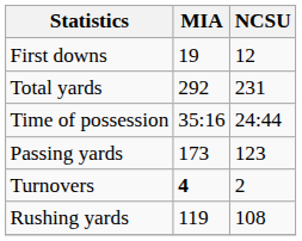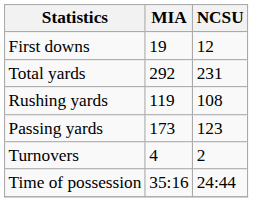 <table class="wikitable">
 <tr>
 <th>Statistics</th>
 <th>MIA</th>
 <th>NCSU</th>
 </tr>
 <tr>
 <td>First downs</td>
 <td>19</td>
 <td>12</td>
 </tr>
 <tr>
 <td>Total yards</td>
 <td>292</td>
 <td>231</td>
 </tr>
 <tr>
-<td>Time of possession</td>
-<td>35:16</td>
-<td>24:44</td>
+<td>Rushing yards</td>
+<td>119</td>
+<td>108</td>
 </tr>
 <tr>
 <td>Passing yards</td>
 <td>173</td>
 <td>123</td>
 </tr>
 <tr>
 <td>Turnovers</td>
-<td><strong>4</strong></td>
+<td>4</td>
 <td>2</td>
 </tr>
 <tr>
-<td>Rushing yards</td>
-<td>119</td>
-<td>108</td>
+<td>Time of possession</td>
+<td>35:16</td>
+<td>24:44</td>
 </tr>
 <tr>
 </tr>
 </table>
